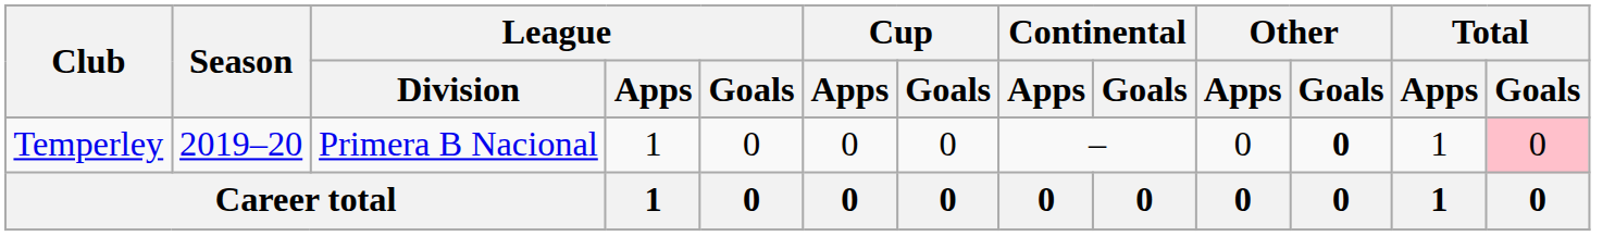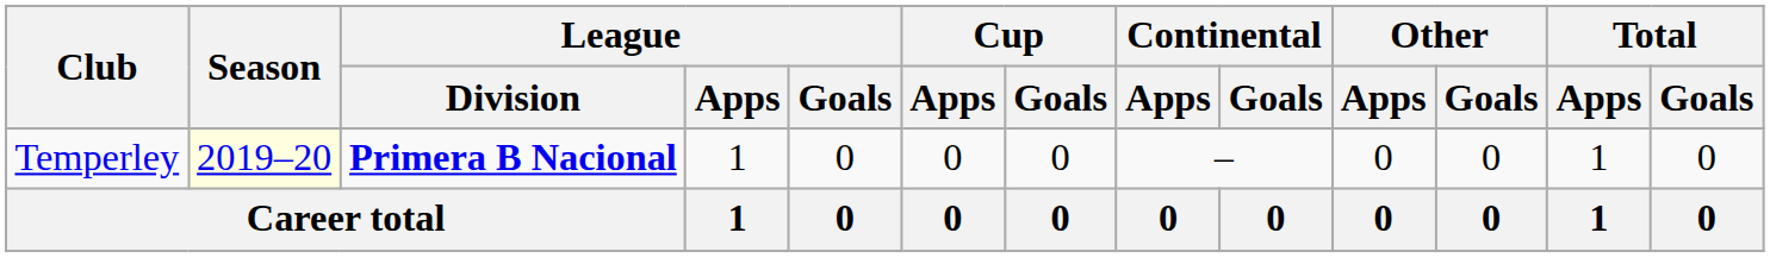 <table class="wikitable" style="text-align: center">
 <tr>
 <th rowspan="2">Club</th>
 <th rowspan="2">Season</th>
 <th colspan="3">League</th>
 <th colspan="2">Cup</th>
 <th colspan="2">Continental</th>
 <th colspan="2">Other</th>
 <th colspan="2">Total</th>
 </tr>
 <tr>
 <th>Division</th>
 <th>Apps</th>
 <th>Goals</th>
 <th>Apps</th>
 <th>Goals</th>
 <th>Apps</th>
 <th>Goals</th>
 <th>Apps</th>
 <th>Goals</th>
 <th>Apps</th>
 <th>Goals</th>
 </tr>
 <tr>
 <td><a href='#'>Temperley</a></td>
-<td><a href='#'>2019–20</a></td>
-<td><a href='#'>Primera B Nacional</a></td>
+<td style="background: lightyellow;"><a href='#'>2019–20</a></td>
+<td><strong><a href='#'>Primera B Nacional</a></strong></td>
 <td>1</td>
 <td>0</td>
 <td>0</td>
 <td>0</td>
 <td colspan="2">–</td>
 <td>0</td>
-<td><strong>0</strong></td>
+<td>0</td>
 <td>1</td>
-<td style="background: pink;">0</td>
+<td>0</td>
 </tr>
 <tr>
 <th colspan=3>Career total</th>
 <th>1</th>
 <th>0</th>
 <th>0</th>
 <th>0</th>
 <th>0</th>
 <th>0</th>
 <th>0</th>
 <th>0</th>
 <th>1</th>
 <th>0</th>
 </tr>
 </table>
